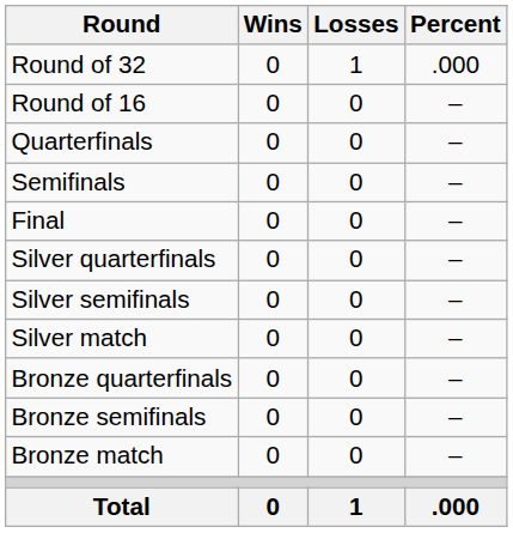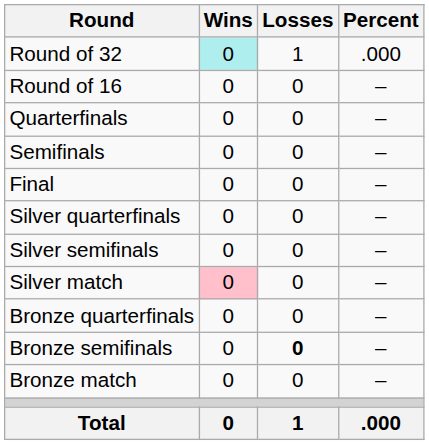 <table class=wikitable>
 <tr>
 <th>Round</th>
 <th>Wins</th>
 <th>Losses</th>
 <th>Percent</th>
 </tr>
 <tr align=center>
 <td align=left>Round of 32</td>
-<td>0</td>
+<td style="background: paleturquoise;">0</td>
 <td>1</td>
 <td>.000</td>
 </tr>
 <tr align=center>
 <td align=left>Round of 16</td>
 <td>0</td>
 <td>0</td>
 <td>–</td>
 </tr>
 <tr align=center>
 <td align=left>Quarterfinals</td>
 <td>0</td>
 <td>0</td>
 <td>–</td>
 </tr>
 <tr align=center>
 <td align=left>Semifinals</td>
 <td>0</td>
 <td>0</td>
 <td>–</td>
 </tr>
 <tr align=center>
 <td align=left>Final</td>
 <td>0</td>
 <td>0</td>
 <td>–</td>
 </tr>
 <tr align=center>
 <td align=left>Silver quarterfinals</td>
 <td>0</td>
 <td>0</td>
 <td>–</td>
 </tr>
 <tr align=center>
 <td align=left>Silver semifinals</td>
 <td>0</td>
 <td>0</td>
 <td>–</td>
 </tr>
 <tr align=center>
 <td align=left>Silver match</td>
-<td>0</td>
+<td style="background: pink;">0</td>
 <td>0</td>
 <td>–</td>
 </tr>
 <tr align=center>
 <td align=left>Bronze quarterfinals</td>
 <td>0</td>
 <td>0</td>
 <td>–</td>
 </tr>
 <tr align=center>
 <td align=left>Bronze semifinals</td>
 <td>0</td>
-<td>0</td>
+<td><strong>0</strong></td>
 <td>–</td>
 </tr>
 <tr align=center>
 <td align=left>Bronze match</td>
 <td>0</td>
 <td>0</td>
 <td>–</td>
 </tr>
 <tr>
 <td colspan=4 bgcolor=lightgray></td>
 </tr>
 <tr>
 <th>Total</th>
 <th>0</th>
 <th>1</th>
 <th>.000</th>
 </tr>
 </table>
